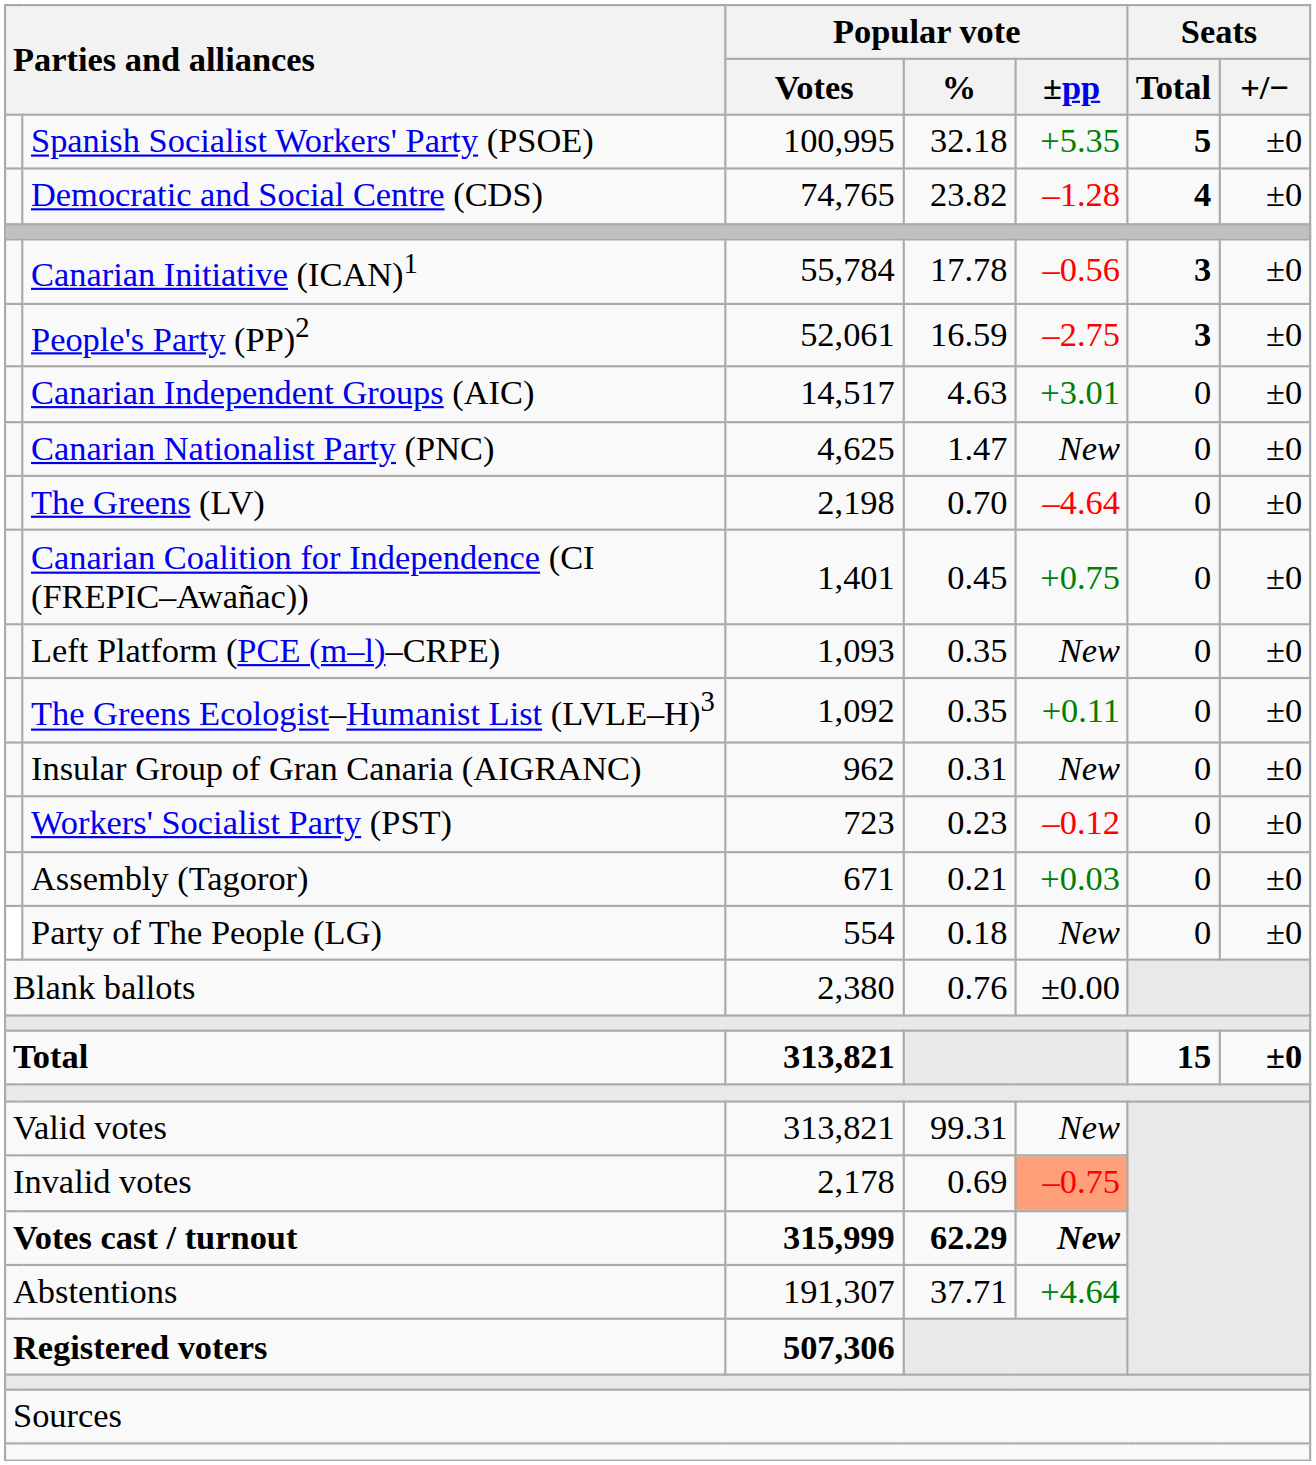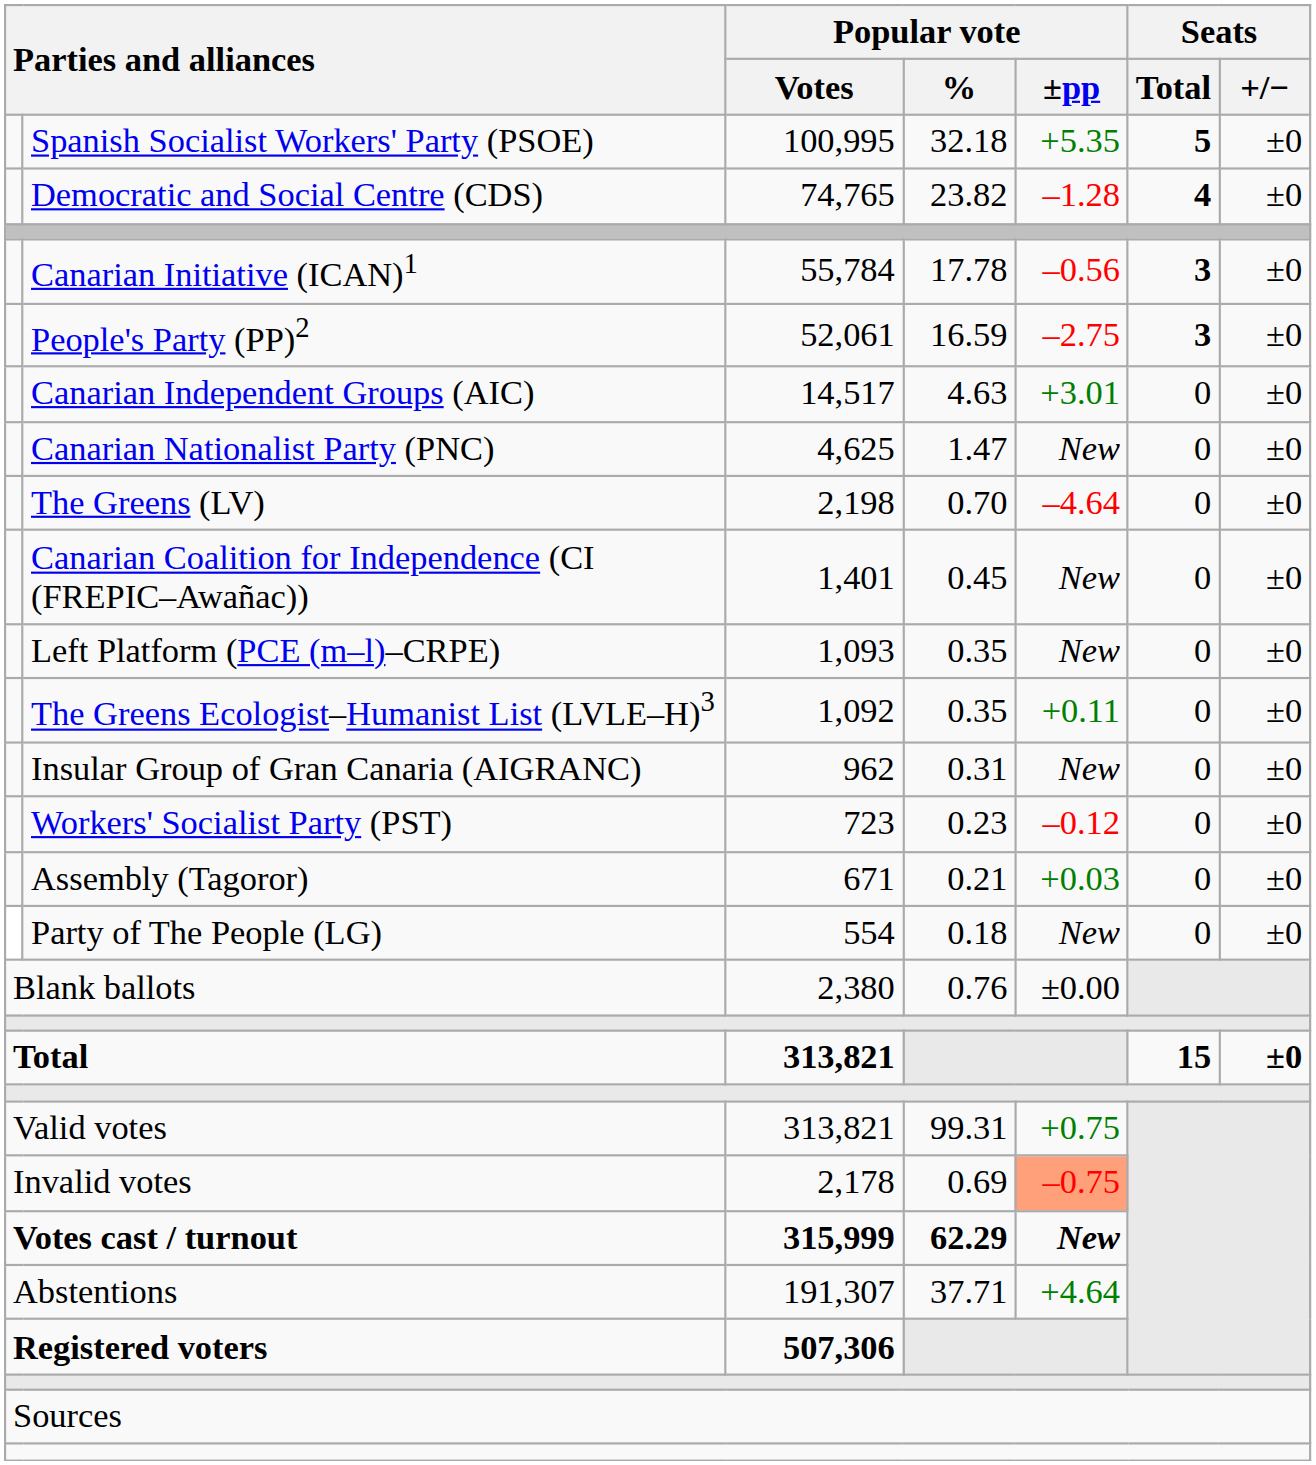 <table class="wikitable" style="text-align:right;">
 <tr>
 <th style="text-align:left;" rowspan="2" colspan="2" width="525">Parties and alliances</th>
 <th colspan="3">Popular vote</th>
 <th colspan="2">Seats</th>
 </tr>
 <tr>
 <th width="75">Votes</th>
 <th width="45">%</th>
 <th width="45">±<a href='#'>pp</a></th>
 <th width="35">Total</th>
 <th width="35">+/−</th>
 </tr>
 <tr>
 <td width="1" style="color:inherit;background:"></td>
 <td align="left"><a href='#'>Spanish Socialist Workers' Party</a> (PSOE)</td>
 <td>100,995</td>
 <td>32.18</td>
 <td style="color:green;">+5.35</td>
 <td><strong>5</strong></td>
 <td>±0</td>
 </tr>
 <tr>
 <td style="color:inherit;background:"></td>
 <td align="left"><a href='#'>Democratic and Social Centre</a> (CDS)</td>
 <td>74,765</td>
 <td>23.82</td>
 <td style="color:red;">–1.28</td>
 <td><strong>4</strong></td>
 <td>±0</td>
 </tr>
 <tr>
 <td colspan="7" bgcolor="#C0C0C0"></td>
 </tr>
 <tr>
 <td style="color:inherit;background:"></td>
 <td align="left"><a href='#'>Canarian Initiative</a> (ICAN)<sup>1</sup></td>
 <td>55,784</td>
 <td>17.78</td>
 <td style="color:red;">–0.56</td>
 <td><strong>3</strong></td>
 <td>±0</td>
 </tr>
 <tr>
 <td style="color:inherit;background:"></td>
 <td align="left"><a href='#'>People's Party</a> (PP)<sup>2</sup></td>
 <td>52,061</td>
 <td>16.59</td>
 <td style="color:red;">–2.75</td>
 <td><strong>3</strong></td>
 <td>±0</td>
 </tr>
 <tr>
 <td style="color:inherit;background:"></td>
 <td align="left"><a href='#'>Canarian Independent Groups</a> (AIC)</td>
 <td>14,517</td>
 <td>4.63</td>
 <td style="color:green;">+3.01</td>
 <td>0</td>
 <td>±0</td>
 </tr>
 <tr>
 <td style="color:inherit;background:"></td>
 <td align="left"><a href='#'>Canarian Nationalist Party</a> (PNC)</td>
 <td>4,625</td>
 <td>1.47</td>
 <td><em>New</em></td>
 <td>0</td>
 <td>±0</td>
 </tr>
 <tr>
 <td style="color:inherit;background:"></td>
 <td align="left"><a href='#'>The Greens</a> (LV)</td>
 <td>2,198</td>
 <td>0.70</td>
 <td style="color:red;">–4.64</td>
 <td>0</td>
 <td>±0</td>
 </tr>
 <tr>
 <td style="color:inherit;background:"></td>
 <td align="left"><a href='#'>Canarian Coalition for Independence</a> (CI (FREPIC–Awañac))</td>
 <td>1,401</td>
 <td>0.45</td>
-<td style="color:green;">+0.75</td>
+<td><em>New</em></td>
 <td>0</td>
 <td>±0</td>
 </tr>
 <tr>
 <td style="color:inherit;background:"></td>
 <td align="left">Left Platform (<a href='#'>PCE (m–l)</a>–CRPE)</td>
 <td>1,093</td>
 <td>0.35</td>
 <td><em>New</em></td>
 <td>0</td>
 <td>±0</td>
 </tr>
 <tr>
 <td style="color:inherit;background:"></td>
 <td align="left"><a href='#'>The Greens Ecologist</a>–<a href='#'>Humanist List</a> (LVLE–H)<sup>3</sup></td>
 <td>1,092</td>
 <td>0.35</td>
 <td style="color:green;">+0.11</td>
 <td>0</td>
 <td>±0</td>
 </tr>
 <tr>
 <td style="color:inherit;background:"></td>
 <td align="left">Insular Group of Gran Canaria (AIGRANC)</td>
 <td>962</td>
 <td>0.31</td>
 <td><em>New</em></td>
 <td>0</td>
 <td>±0</td>
 </tr>
 <tr>
 <td style="color:inherit;background:"></td>
 <td align="left"><a href='#'>Workers' Socialist Party</a> (PST)</td>
 <td>723</td>
 <td>0.23</td>
 <td style="color:red;">–0.12</td>
 <td>0</td>
 <td>±0</td>
 </tr>
 <tr>
 <td style="color:inherit;background:"></td>
 <td align="left">Assembly (Tagoror)</td>
 <td>671</td>
 <td>0.21</td>
 <td style="color:green;">+0.03</td>
 <td>0</td>
 <td>±0</td>
 </tr>
 <tr>
 <td bgcolor="white"></td>
 <td align="left">Party of The People (LG)</td>
 <td>554</td>
 <td>0.18</td>
 <td><em>New</em></td>
 <td>0</td>
 <td>±0</td>
 </tr>
 <tr>
 <td align="left" colspan="2">Blank ballots</td>
 <td>2,380</td>
 <td>0.76</td>
 <td>±0.00</td>
 <td bgcolor="#E9E9E9" colspan="2"></td>
 </tr>
 <tr>
 <td colspan="7" bgcolor="#E9E9E9"></td>
 </tr>
 <tr style="font-weight:bold;">
 <td align="left" colspan="2">Total</td>
 <td>313,821</td>
 <td bgcolor="#E9E9E9" colspan="2"></td>
 <td>15</td>
 <td>±0</td>
 </tr>
 <tr>
 <td colspan="7" bgcolor="#E9E9E9"></td>
 </tr>
 <tr>
 <td align="left" colspan="2">Valid votes</td>
 <td>313,821</td>
 <td>99.31</td>
-<td><em>New</em></td>
+<td style="color:green;">+0.75</td>
 <td bgcolor="#E9E9E9" colspan="2" rowspan="5"></td>
 </tr>
 <tr>
 <td align="left" colspan="2">Invalid votes</td>
 <td>2,178</td>
 <td>0.69</td>
 <td style="background: lightsalmon; color:red;">–0.75</td>
 </tr>
 <tr style="font-weight:bold;">
 <td align="left" colspan="2">Votes cast / turnout</td>
 <td>315,999</td>
 <td>62.29</td>
 <td><em>New</em></td>
 </tr>
 <tr>
 <td align="left" colspan="2">Abstentions</td>
 <td>191,307</td>
 <td>37.71</td>
 <td style="color:green;">+4.64</td>
 </tr>
 <tr style="font-weight:bold;">
 <td align="left" colspan="2">Registered voters</td>
 <td>507,306</td>
 <td bgcolor="#E9E9E9" colspan="2"></td>
 </tr>
 <tr>
 <td colspan="7" bgcolor="#E9E9E9"></td>
 </tr>
 <tr>
 <td align="left" colspan="7">Sources</td>
 </tr>
 <tr>
 <td colspan="7" style="text-align:left; max-width:790px;"></td>
 </tr>
 </table>
